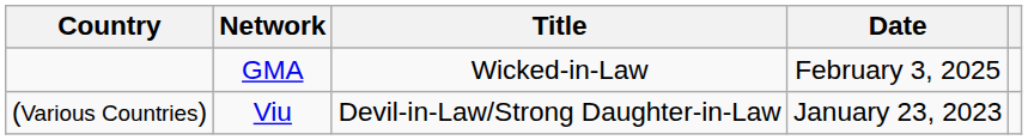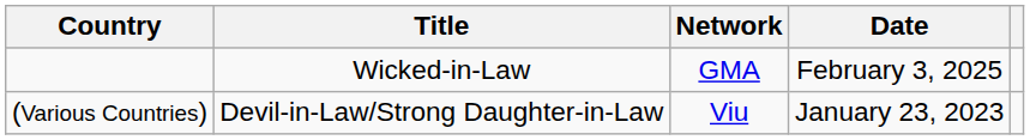 <table class="wikitable" style="text-align:center">
 <tr>
 <th>Country</th>
+<th>Title</th>
 <th>Network</th>
-<th>Title</th>
 <th>Date</th>
 <th></th>
 </tr>
 <tr>
 <td></td>
+<td>Wicked-in-Law</td>
 <td><a href='#'>GMA</a></td>
-<td>Wicked-in-Law</td>
 <td>February 3, 2025</td>
 <td></td>
 </tr>
 <tr>
 <td>(<small>Various Countries</small>)</td>
+<td>Devil-in-Law/Strong Daughter-in-Law</td>
 <td><a href='#'>Viu</a></td>
-<td>Devil-in-Law/Strong Daughter-in-Law</td>
 <td>January 23, 2023</td>
 <td></td>
 </tr>
 </table>
